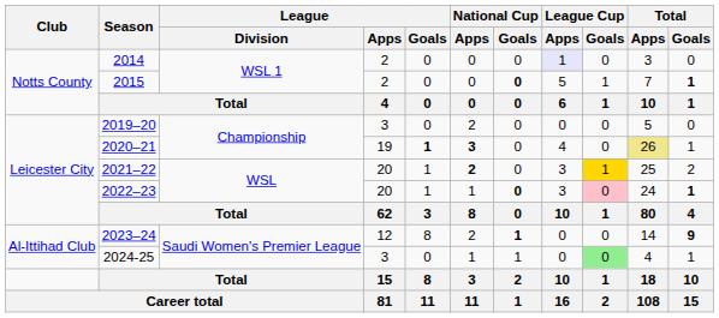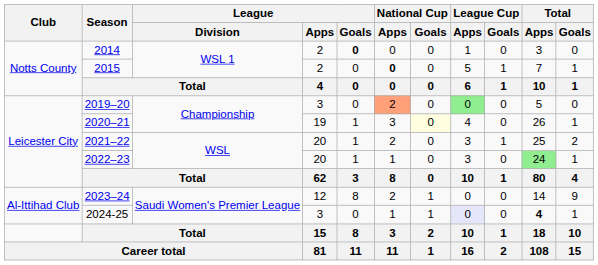 <table class="wikitable" style="text-align:center">
 <tr>
 <th rowspan="2">Club</th>
 <th rowspan="2">Season</th>
 <th colspan="3">League</th>
 <th colspan="2">National Cup</th>
 <th colspan="2">League Cup</th>
 <th colspan="2">Total</th>
 </tr>
 <tr>
 <th>Division</th>
 <th>Apps</th>
 <th>Goals</th>
 <th>Apps</th>
 <th>Goals</th>
 <th>Apps</th>
 <th>Goals</th>
 <th>Apps</th>
 <th>Goals</th>
 </tr>
 <tr>
 <td rowspan="3"><a href='#'>Notts County</a></td>
 <td><a href='#'>2014</a></td>
 <td rowspan="2"><a href='#'>WSL 1</a></td>
 <td>2</td>
+<td><strong>0</strong></td>
 <td>0</td>
 <td>0</td>
-<td>0</td>
-<td style="background: lavender;">1</td>
+<td>1</td>
 <td>0</td>
 <td>3</td>
 <td>0</td>
 </tr>
 <tr>
 <td><a href='#'>2015</a></td>
 <td>2</td>
 <td>0</td>
+<td><strong>0</strong></td>
 <td>0</td>
-<td><strong>0</strong></td>
 <td>5</td>
 <td>1</td>
 <td>7</td>
-<td><strong>1</strong></td>
+<td>1</td>
 </tr>
 <tr>
 <th colspan="2">Total</th>
 <th>4</th>
 <th>0</th>
 <th>0</th>
 <th>0</th>
 <th>6</th>
 <th>1</th>
 <th>10</th>
 <th>1</th>
 </tr>
 <tr>
 <td rowspan="5"><a href='#'>Leicester City</a></td>
 <td><a href='#'>2019–20</a></td>
 <td rowspan="2"><a href='#'>Championship</a></td>
 <td>3</td>
 <td>0</td>
-<td>2</td>
+<td style="background: lightsalmon;">2</td>
 <td>0</td>
-<td>0</td>
+<td style="background: lightgreen;">0</td>
 <td>0</td>
 <td>5</td>
 <td>0</td>
 </tr>
 <tr>
 <td><a href='#'>2020–21</a></td>
 <td>19</td>
-<td><strong>1</strong></td>
-<td><strong>3</strong></td>
-<td>0</td>
+<td>1</td>
+<td>3</td>
+<td style="background: lightyellow;">0</td>
 <td>4</td>
 <td>0</td>
-<td style="background: khaki;">26</td>
+<td>26</td>
 <td>1</td>
 </tr>
 <tr>
 <td><a href='#'>2021–22</a></td>
 <td rowspan="2"><a href='#'>WSL</a></td>
 <td>20</td>
 <td>1</td>
-<td><strong>2</strong></td>
+<td>2</td>
 <td>0</td>
 <td>3</td>
-<td style="background: gold;">1</td>
+<td>1</td>
 <td>25</td>
 <td>2</td>
 </tr>
 <tr>
 <td><a href='#'>2022–23</a></td>
 <td>20</td>
 <td>1</td>
 <td>1</td>
-<td><strong>0</strong></td>
+<td>0</td>
 <td>3</td>
-<td style="background: pink;">0</td>
-<td>24</td>
-<td><strong>1</strong></td>
+<td>0</td>
+<td style="background: lightgreen;">24</td>
+<td>1</td>
 </tr>
 <tr>
 <th colspan="2">Total</th>
 <th>62</th>
 <th>3</th>
 <th>8</th>
 <th>0</th>
 <th>10</th>
 <th>1</th>
 <th>80</th>
 <th>4</th>
 </tr>
 <tr>
 <td rowspan="2"><a href='#'>Al-Ittihad Club</a></td>
 <td><a href='#'>2023–24</a></td>
 <td rowspan="2"><a href='#'>Saudi Women's Premier League</a></td>
 <td>12</td>
 <td>8</td>
 <td>2</td>
-<td><strong>1</strong></td>
+<td>1</td>
 <td>0</td>
 <td>0</td>
 <td>14</td>
-<td><strong>9</strong></td>
+<td>9</td>
 </tr>
 <tr>
 <td>2024-25</td>
 <td>3</td>
 <td>0</td>
 <td>1</td>
 <td>1</td>
+<td style="background: lavender;">0</td>
 <td>0</td>
-<td style="background: lightgreen;">0</td>
-<td>4</td>
+<td><strong>4</strong></td>
 <td>1</td>
 </tr>
 <tr>
 <td></td>
 <th colspan="2">Total</th>
 <th>15</th>
 <th>8</th>
 <th>3</th>
 <th>2</th>
 <th>10</th>
 <th>1</th>
 <th>18</th>
 <th>10</th>
 </tr>
 <tr>
 <th colspan="3">Career total</th>
 <th>81</th>
 <th>11</th>
 <th>11</th>
 <th>1</th>
 <th>16</th>
 <th>2</th>
 <th>108</th>
 <th>15</th>
 </tr>
 </table>
